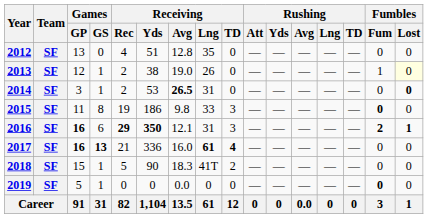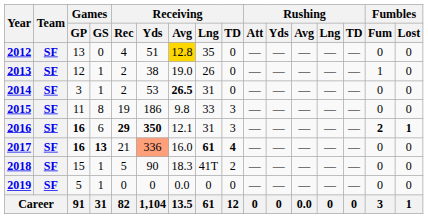 <table class="wikitable" style="text-align:center;">
 <tr>
 <th rowspan="2">Year</th>
 <th rowspan="2">Team</th>
 <th colspan="2">Games</th>
 <th colspan="5">Receiving</th>
 <th colspan="5">Rushing</th>
 <th colspan="2">Fumbles</th>
 </tr>
 <tr>
 <th>GP</th>
 <th>GS</th>
 <th>Rec</th>
 <th>Yds</th>
 <th>Avg</th>
 <th>Lng</th>
 <th>TD</th>
 <th>Att</th>
 <th>Yds</th>
 <th>Avg</th>
 <th>Lng</th>
 <th>TD</th>
 <th>Fum</th>
 <th>Lost</th>
 </tr>
 <tr>
 <th><a href='#'>2012</a></th>
 <th><a href='#'>SF</a></th>
 <td>13</td>
 <td>0</td>
 <td>4</td>
 <td>51</td>
-<td>12.8</td>
+<td style="background: gold;">12.8</td>
 <td>35</td>
 <td>0</td>
 <td>—</td>
 <td>—</td>
 <td>—</td>
 <td>—</td>
 <td>—</td>
 <td>0</td>
 <td>0</td>
 </tr>
 <tr>
 <th><a href='#'>2013</a></th>
 <th><a href='#'>SF</a></th>
 <td>12</td>
 <td>1</td>
 <td>2</td>
 <td>38</td>
 <td>19.0</td>
 <td>26</td>
 <td>0</td>
 <td>—</td>
 <td>—</td>
 <td>—</td>
 <td>—</td>
 <td>—</td>
 <td>1</td>
-<td style="background: lightyellow;">0</td>
+<td>0</td>
 </tr>
 <tr>
 <th><a href='#'>2014</a></th>
 <th><a href='#'>SF</a></th>
 <td>3</td>
 <td>1</td>
 <td>2</td>
 <td>53</td>
 <td><strong>26.5</strong></td>
 <td>31</td>
 <td>0</td>
 <td>—</td>
 <td>—</td>
 <td>—</td>
 <td>—</td>
 <td>—</td>
 <td>0</td>
-<td><strong>0</strong></td>
+<td>0</td>
 </tr>
 <tr>
 <th><a href='#'>2015</a></th>
 <th><a href='#'>SF</a></th>
 <td>11</td>
 <td>8</td>
 <td>19</td>
 <td>186</td>
 <td>9.8</td>
 <td>33</td>
 <td>3</td>
 <td>—</td>
 <td>—</td>
 <td>—</td>
 <td>—</td>
 <td>—</td>
-<td><strong>0</strong></td>
+<td>0</td>
 <td>0</td>
 </tr>
 <tr>
 <th><a href='#'>2016</a></th>
 <th><a href='#'>SF</a></th>
 <td><strong>16</strong></td>
 <td>6</td>
 <td><strong>29</strong></td>
 <td><strong>350</strong></td>
 <td>12.1</td>
 <td>31</td>
 <td>3</td>
 <td>—</td>
 <td>—</td>
 <td>—</td>
 <td>—</td>
 <td>—</td>
 <td><strong>2</strong></td>
 <td><strong>1</strong></td>
 </tr>
 <tr>
 <th><a href='#'>2017</a></th>
 <th><a href='#'>SF</a></th>
 <td><strong>16</strong></td>
 <td><strong>13</strong></td>
 <td>21</td>
-<td>336</td>
+<td style="background: lightsalmon;">336</td>
 <td>16.0</td>
 <td><strong>61</strong></td>
 <td><strong>4</strong></td>
 <td>—</td>
 <td>—</td>
 <td>—</td>
 <td>—</td>
 <td>—</td>
 <td>0</td>
 <td>0</td>
 </tr>
 <tr>
 <th><a href='#'>2018</a></th>
 <th><a href='#'>SF</a></th>
 <td>15</td>
 <td>1</td>
 <td>5</td>
 <td>90</td>
 <td>18.3</td>
 <td>41T</td>
 <td>2</td>
 <td>—</td>
 <td>—</td>
 <td>—</td>
 <td>—</td>
 <td>—</td>
 <td>0</td>
 <td>0</td>
 </tr>
 <tr>
 <th><a href='#'>2019</a></th>
 <th><a href='#'>SF</a></th>
 <td>5</td>
 <td>1</td>
 <td>0</td>
 <td>0</td>
 <td>0.0</td>
 <td>0</td>
 <td>0</td>
 <td>—</td>
 <td>—</td>
 <td>—</td>
 <td>—</td>
 <td>—</td>
-<td><strong>0</strong></td>
+<td>0</td>
 <td>0</td>
 </tr>
 <tr>
 <th colspan="2">Career</th>
 <th>91</th>
 <th>31</th>
 <th>82</th>
 <th>1,104</th>
 <th>13.5</th>
 <th>61</th>
 <th>12</th>
 <th>0</th>
 <th>0</th>
 <th>0.0</th>
 <th>0</th>
 <th>0</th>
 <th>3</th>
 <th>1</th>
 </tr>
 </table>
